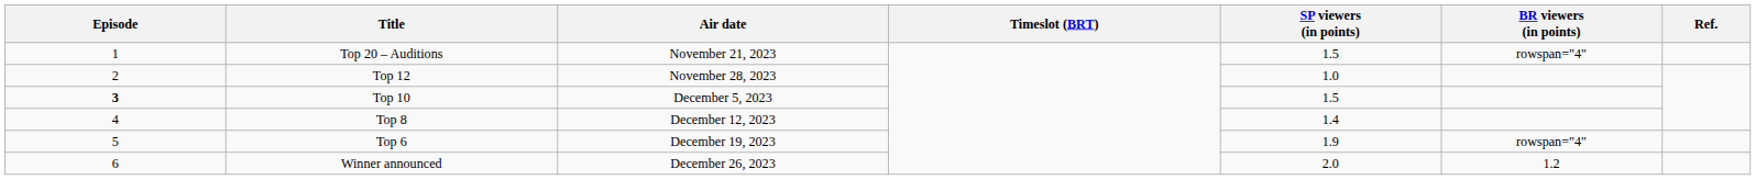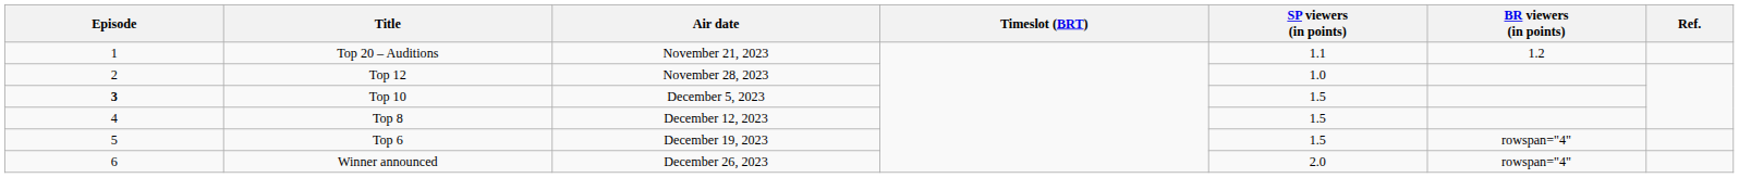 <table class="wikitable sortable" style="text-align:center; font-size:95%; width:100%">
 <tr>
 <th width="05.0%">Episode</th>
 <th width="07.5%">Title</th>
 <th width="07.5%">Air date</th>
 <th width="07.5%">Timeslot (<a href='#'>BRT</a>)</th>
 <th width="05.0%"><a href='#'>SP</a> viewers<br>(in points)</th>
 <th width="05.0%"><a href='#'>BR</a> viewers<br>(in points)</th>
 <th width="02.0%">Ref.</th>
 </tr>
 <tr>
 <td>1</td>
 <td>Top 20 – Auditions</td>
 <td>November 21, 2023</td>
 <td rowspan="6"></td>
-<td>1.5</td>
-<td>rowspan="4" </td>
+<td>1.1</td>
+<td>1.2</td>
 <td></td>
 </tr>
 <tr>
 <td>2</td>
 <td>Top 12</td>
 <td>November 28, 2023</td>
 <td>1.0</td>
 <td></td>
 </tr>
 <tr>
 <td><strong>3</strong></td>
 <td>Top 10</td>
 <td>December 5, 2023</td>
 <td>1.5</td>
 <td></td>
 </tr>
 <tr>
 <td>4</td>
 <td>Top 8</td>
 <td>December 12, 2023</td>
-<td>1.4</td>
+<td>1.5</td>
 <td></td>
 </tr>
 <tr>
 <td>5</td>
 <td>Top 6</td>
 <td>December 19, 2023</td>
-<td>1.9</td>
+<td>1.5</td>
 <td>rowspan="4" </td>
 <td></td>
 </tr>
 <tr>
 <td>6</td>
 <td>Winner announced</td>
 <td>December 26, 2023</td>
 <td>2.0</td>
-<td>1.2</td>
+<td>rowspan="4" </td>
 <td></td>
 </tr>
 </table>
